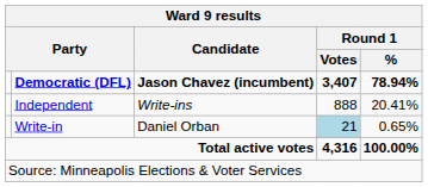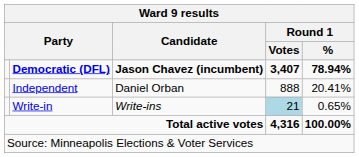 <table class="wikitable">
 <tr>
 <th colspan="5">Ward 9 results</th>
 </tr>
 <tr>
 <th rowspan="2" colspan="2">Party</th>
 <th rowspan="2">Candidate</th>
 <th colspan="2">Round 1</th>
 </tr>
 <tr>
 <th>Votes</th>
 <th>%</th>
 </tr>
 <tr>
 <td style="background-color:"></td>
 <td><strong><a href='#'>Democratic (DFL)</a></strong></td>
 <td><strong>Jason Chavez (incumbent)</strong></td>
 <td align="right"><strong>3,407</strong></td>
 <td align="right"><strong>78.94%</strong></td>
 </tr>
 <tr>
 <td style="background-color:"></td>
 <td><a href='#'>Independent</a></td>
-<td><em>Write-ins</em></td>
+<td>Daniel Orban</td>
 <td align="right">888</td>
 <td align="right">20.41%</td>
 </tr>
 <tr>
 <td style="background-color:"></td>
 <td><a href='#'>Write-in</a></td>
-<td>Daniel Orban</td>
+<td><em>Write-ins</em></td>
 <td align="right" style="background: lightblue;">21</td>
 <td align="right">0.65%</td>
 </tr>
 <tr align="right">
 <td colspan="3"><strong>Total active votes</strong></td>
 <td><strong>4,316</strong></td>
 <td><strong>100.00%</strong></td>
 </tr>
 <tr>
 <td colspan="7">Source: Minneapolis Elections & Voter Services</td>
 </tr>
 </table>
